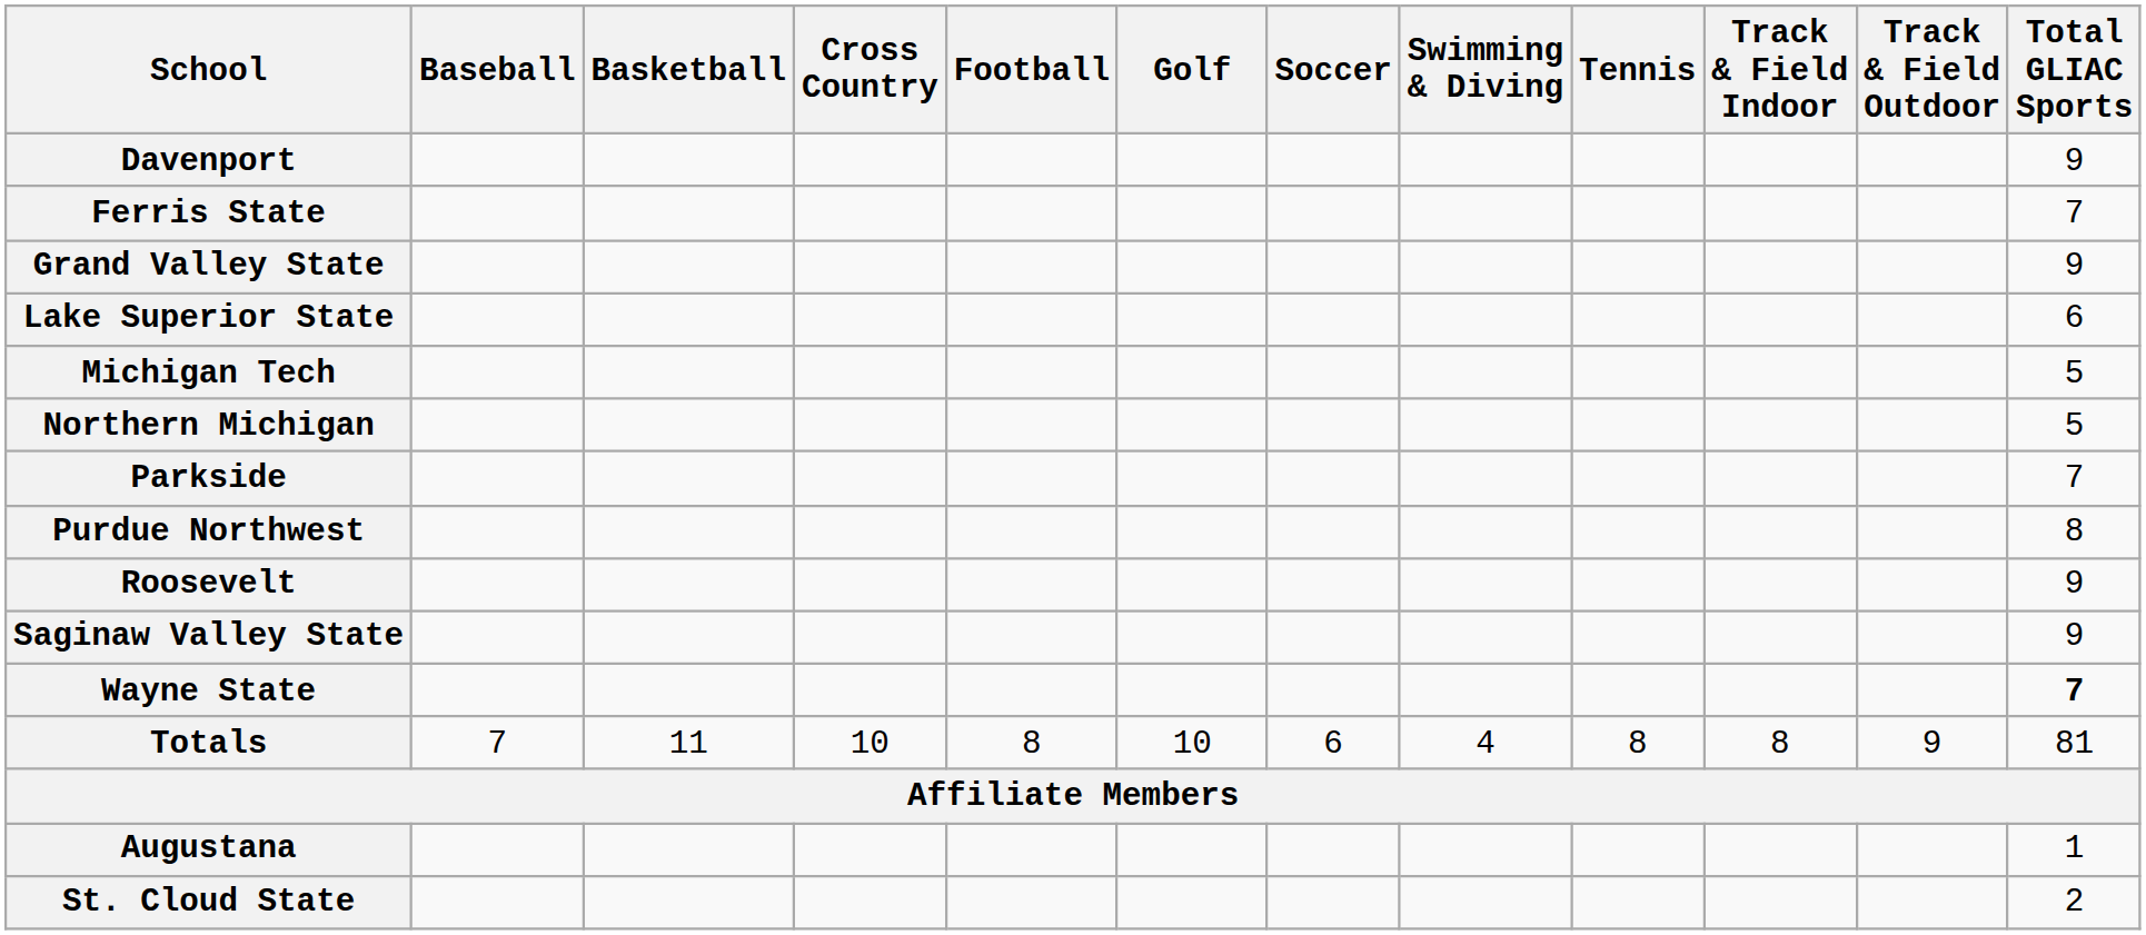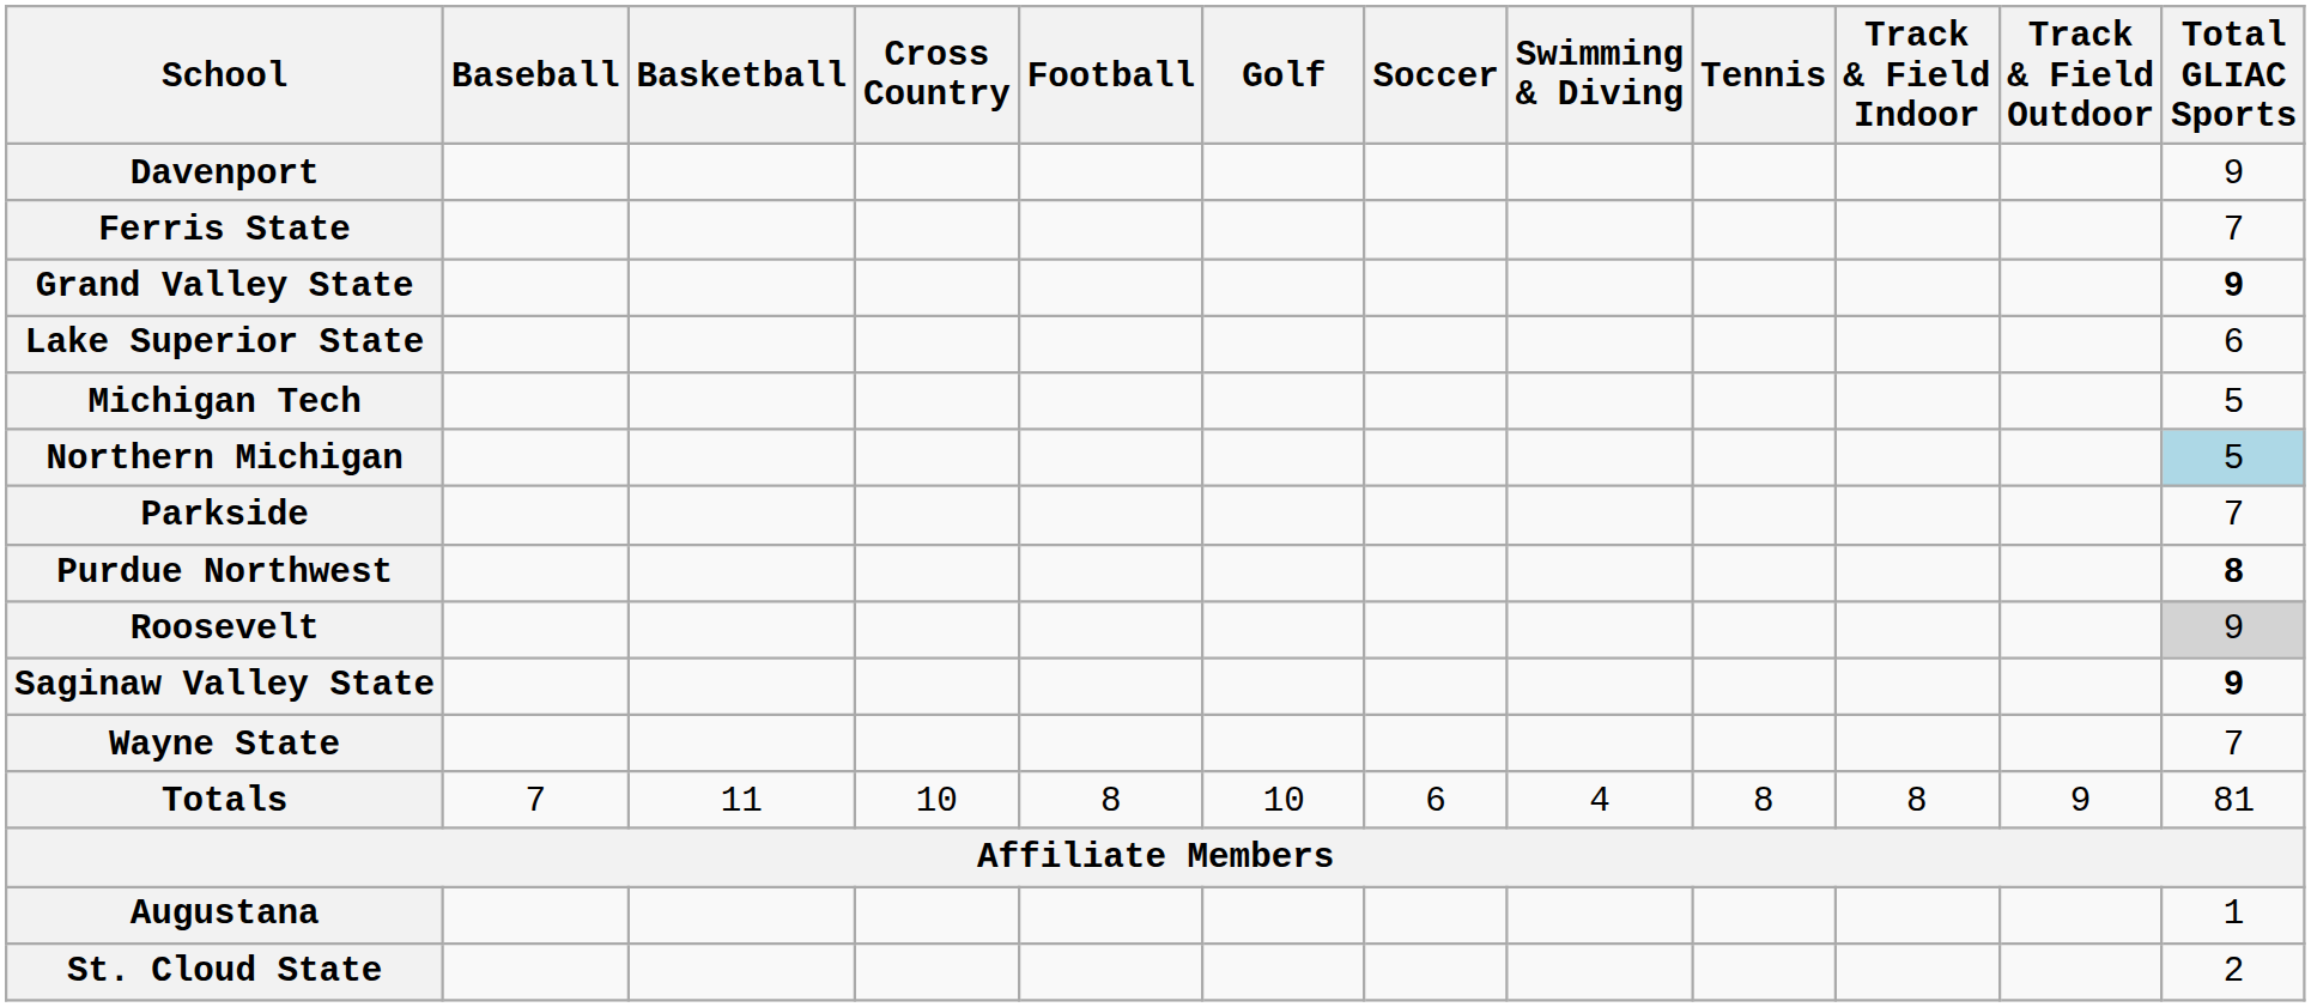 <table class="wikitable" style="text-align:center">
 <tr>
 <th scope="col">School</th>
 <th scope="col">Baseball</th>
 <th scope="col">Basketball</th>
 <th scope="col">Cross<br>Country</th>
 <th scope="col">Football</th>
 <th scope="col" width=7%>Golf</th>
 <th scope="col">Soccer</th>
 <th scope="col">Swimming<br>& Diving</th>
 <th scope="col">Tennis</th>
 <th scope="col">Track<br>& Field<br>Indoor</th>
 <th scope="col">Track<br>& Field<br>Outdoor</th>
 <th scope="col">Total<br>GLIAC<br>Sports</th>
 </tr>
 <tr>
 <th scope="row" align=left>Davenport</th>
 <td></td>
 <td></td>
 <td></td>
 <td></td>
 <td></td>
 <td></td>
 <td></td>
 <td></td>
 <td></td>
 <td></td>
 <td>9</td>
 </tr>
 <tr>
 <th scope="row" align=left>Ferris State</th>
 <td></td>
 <td></td>
 <td></td>
 <td></td>
 <td></td>
 <td></td>
 <td></td>
 <td></td>
 <td></td>
 <td></td>
 <td>7</td>
 </tr>
 <tr>
 <th scope="row" align=left>Grand Valley State</th>
 <td></td>
 <td></td>
 <td></td>
 <td></td>
 <td></td>
 <td></td>
 <td></td>
 <td></td>
 <td></td>
 <td></td>
-<td>9</td>
+<td><strong>9</strong></td>
 </tr>
 <tr>
 <th scope="row" align=left>Lake Superior State</th>
 <td></td>
 <td></td>
 <td></td>
 <td></td>
 <td></td>
 <td></td>
 <td></td>
 <td></td>
 <td></td>
 <td></td>
 <td>6</td>
 </tr>
 <tr>
 <th scope="row" align=left>Michigan Tech</th>
 <td></td>
 <td></td>
 <td></td>
 <td></td>
 <td></td>
 <td></td>
 <td></td>
 <td></td>
 <td></td>
 <td></td>
 <td>5</td>
 </tr>
 <tr>
 <th scope="row" align=left>Northern Michigan</th>
 <td></td>
 <td></td>
 <td></td>
 <td></td>
 <td></td>
 <td></td>
 <td></td>
 <td></td>
 <td></td>
 <td></td>
-<td>5</td>
+<td style="background: lightblue;">5</td>
 </tr>
 <tr>
 <th scope="row" align=left>Parkside</th>
 <td></td>
 <td></td>
 <td></td>
 <td></td>
 <td></td>
 <td></td>
 <td></td>
 <td></td>
 <td></td>
 <td></td>
 <td>7</td>
 </tr>
 <tr>
 <th scope="row" align=left>Purdue Northwest</th>
 <td></td>
 <td></td>
 <td></td>
 <td></td>
 <td></td>
 <td></td>
 <td></td>
 <td></td>
 <td></td>
 <td></td>
-<td>8</td>
+<td><strong>8</strong></td>
 </tr>
 <tr>
 <th scope="row" align=left>Roosevelt</th>
 <td></td>
 <td></td>
 <td></td>
 <td></td>
 <td></td>
 <td></td>
 <td></td>
 <td></td>
 <td></td>
 <td></td>
-<td>9</td>
+<td style="background: lightgrey;">9</td>
 </tr>
 <tr>
 <th scope="row" align=left>Saginaw Valley State</th>
 <td></td>
 <td></td>
 <td></td>
 <td></td>
 <td></td>
 <td></td>
 <td></td>
 <td></td>
 <td></td>
 <td></td>
-<td>9</td>
+<td><strong>9</strong></td>
 </tr>
 <tr>
 <th scope="row" align=left>Wayne State</th>
 <td></td>
 <td></td>
 <td></td>
 <td></td>
 <td></td>
 <td></td>
 <td></td>
 <td></td>
 <td></td>
 <td></td>
-<td><strong>7</strong></td>
+<td>7</td>
 </tr>
 <tr>
 <th scope="row">Totals</th>
 <td>7</td>
 <td>11</td>
 <td>10</td>
 <td>8</td>
 <td>10</td>
 <td>6</td>
 <td>4</td>
 <td>8</td>
 <td>8</td>
 <td>9</td>
 <td>81</td>
 </tr>
 <tr>
 <th scope="row" colspan=13>Affiliate Members</th>
 </tr>
 <tr>
 <th scope="row" align=left>Augustana</th>
 <td></td>
 <td></td>
 <td></td>
 <td></td>
 <td></td>
 <td></td>
 <td></td>
 <td></td>
 <td></td>
 <td></td>
 <td>1</td>
 </tr>
 <tr>
 <th scope="row" align=left>St. Cloud State</th>
 <td></td>
 <td></td>
 <td></td>
 <td></td>
 <td></td>
 <td></td>
 <td></td>
 <td></td>
 <td></td>
 <td></td>
 <td>2</td>
 </tr>
 </table>
